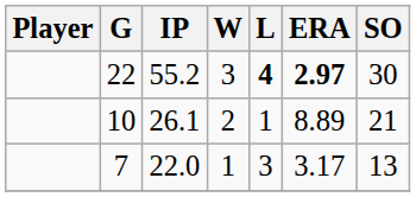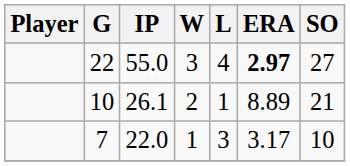 <table class="wikitable sortable">
 <tr>
 <th>Player</th>
 <th>G</th>
 <th>IP</th>
 <th>W</th>
 <th>L</th>
 <th>ERA</th>
 <th>SO</th>
 </tr>
 <tr align="center">
 <td></td>
 <td>22</td>
-<td>55.2</td>
+<td>55.0</td>
 <td>3</td>
-<td><strong>4</strong></td>
+<td>4</td>
 <td><strong>2.97</strong></td>
-<td>30</td>
+<td>27</td>
 </tr>
 <tr align="center">
 <td></td>
 <td>10</td>
 <td>26.1</td>
 <td>2</td>
 <td>1</td>
 <td>8.89</td>
 <td>21</td>
 </tr>
 <tr align="center">
 <td></td>
 <td>7</td>
 <td>22.0</td>
 <td>1</td>
 <td>3</td>
 <td>3.17</td>
-<td>13</td>
+<td>10</td>
 </tr>
 <tr align="center">
 </tr>
 </table>
